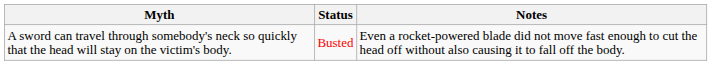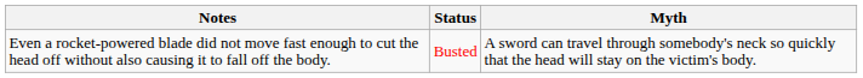 <table class="wikitable plainrowheaders">
 <tr>
+<th scope"col">Notes</th>
+<th scope"col">Status</th>
 <th scope"col">Myth</th>
-<th scope"col">Status</th>
-<th scope"col">Notes</th>
 </tr>
 <tr>
+<td>Even a rocket-powered blade did not move fast enough to cut the head off without also causing it to fall off the body.</td>
+<td style="color:red">Busted</td>
 <td scope"row">A sword can travel through somebody's neck so quickly that the head will stay on the victim's body.</td>
-<td style="color:red">Busted</td>
-<td>Even a rocket-powered blade did not move fast enough to cut the head off without also causing it to fall off the body.</td>
 </tr>
 </table>
